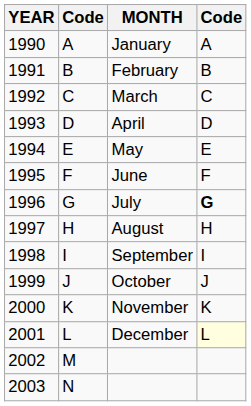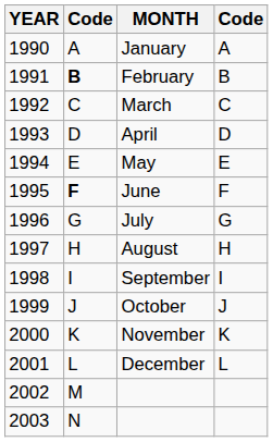 <table class="wikitable">
 <tr>
 <th>YEAR</th>
 <th>Code</th>
 <th>MONTH</th>
 <th>Code</th>
 </tr>
 <tr>
 <td>1990</td>
 <td>A</td>
 <td>January</td>
 <td>A</td>
 </tr>
 <tr>
 <td>1991</td>
-<td>B</td>
+<td><strong>B</strong></td>
 <td>February</td>
 <td>B</td>
 </tr>
 <tr>
 <td>1992</td>
 <td>C</td>
 <td>March</td>
 <td>C</td>
 </tr>
 <tr>
 <td>1993</td>
 <td>D</td>
 <td>April</td>
 <td>D</td>
 </tr>
 <tr>
 <td>1994</td>
 <td>E</td>
 <td>May</td>
 <td>E</td>
 </tr>
 <tr>
 <td>1995</td>
-<td>F</td>
+<td><strong>F</strong></td>
 <td>June</td>
 <td>F</td>
 </tr>
 <tr>
 <td>1996</td>
 <td>G</td>
 <td>July</td>
-<td><strong>G</strong></td>
+<td>G</td>
 </tr>
 <tr>
 <td>1997</td>
 <td>H</td>
 <td>August</td>
 <td>H</td>
 </tr>
 <tr>
 <td>1998</td>
 <td>I</td>
 <td>September</td>
 <td>I</td>
 </tr>
 <tr>
 <td>1999</td>
 <td>J</td>
 <td>October</td>
 <td>J</td>
 </tr>
 <tr>
 <td>2000</td>
 <td>K</td>
 <td>November</td>
 <td>K</td>
 </tr>
 <tr>
 <td>2001</td>
 <td>L</td>
 <td>December</td>
-<td style="background: lightyellow;">L</td>
+<td>L</td>
 </tr>
 <tr>
 <td>2002</td>
 <td>M</td>
 <td></td>
 <td></td>
 </tr>
 <tr>
 <td>2003</td>
 <td>N</td>
 <td></td>
 <td></td>
 </tr>
 </table>
